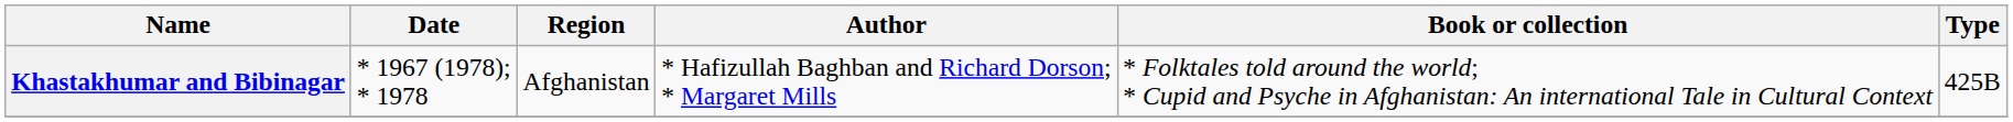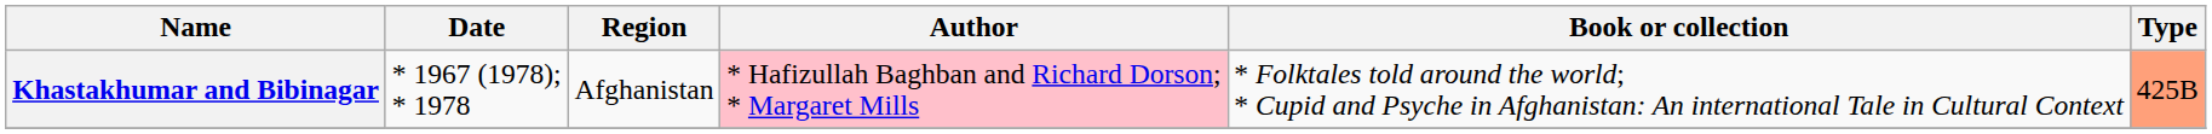 <table class="wikitable sortable">
 <tr>
 <th scope="col">Name</th>
 <th scope="col">Date</th>
 <th scope="col">Region</th>
 <th scope="col">Author</th>
 <th scope="col">Book or collection</th>
 <th scope="col">Type</th>
 </tr>
 <tr>
 <th><a href='#'>Khastakhumar and Bibinagar</a></th>
 <td>* 1967 (1978); <br> * 1978</td>
 <td>Afghanistan</td>
-<td>* Hafizullah Baghban and <a href='#'>Richard Dorson</a>; <br> * <a href='#'>Margaret Mills</a></td>
+<td style="background: pink;">* Hafizullah Baghban and <a href='#'>Richard Dorson</a>; <br> * <a href='#'>Margaret Mills</a></td>
 <td>* <em>Folktales told around the world</em>; <br> * <em>Cupid and Psyche in Afghanistan: An international Tale in Cultural Context</em></td>
-<td>425B</td>
+<td style="background: lightsalmon;">425B</td>
 </tr>
 <tr>
 </tr>
 </table>
